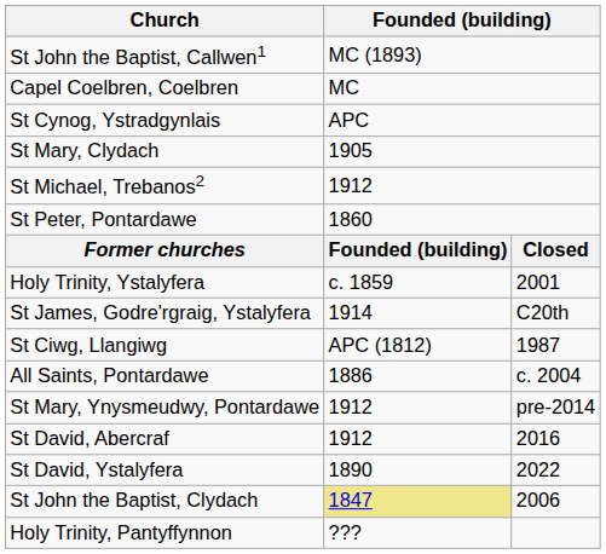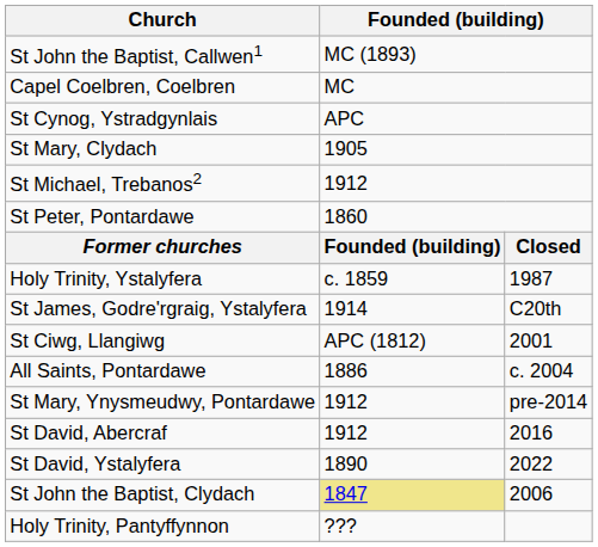 <table class="wikitable">
 <tr>
 <th>Church</th>
 <th colspan="2">Founded (building)</th>
 </tr>
 <tr>
 <td>St John the Baptist, Callwen<sup>1</sup></td>
 <td colspan="2">MC (1893)</td>
 </tr>
 <tr>
 <td>Capel Coelbren, Coelbren</td>
 <td colspan="2">MC</td>
 </tr>
 <tr>
 <td>St Cynog, Ystradgynlais</td>
 <td colspan="2">APC</td>
 </tr>
 <tr>
 <td>St Mary, Clydach</td>
 <td colspan="2">1905</td>
 </tr>
 <tr>
 <td>St Michael, Trebanos<sup>2</sup></td>
 <td colspan="2">1912</td>
 </tr>
 <tr>
 <td>St Peter, Pontardawe</td>
 <td colspan="2">1860</td>
 </tr>
 <tr>
 <th><em>Former churches</em></th>
 <th>Founded (building)</th>
 <th>Closed</th>
 </tr>
 <tr>
 <td>Holy Trinity, Ystalyfera</td>
 <td>c. 1859</td>
-<td>2001</td>
+<td>1987</td>
 </tr>
 <tr>
 <td>St James, Godre'rgraig, Ystalyfera</td>
 <td>1914</td>
 <td>C20th</td>
 </tr>
 <tr>
 <td>St Ciwg, Llangiwg</td>
 <td>APC (1812)</td>
-<td>1987</td>
+<td>2001</td>
 </tr>
 <tr>
 <td>All Saints, Pontardawe</td>
 <td>1886</td>
 <td>c. 2004</td>
 </tr>
 <tr>
 <td>St Mary, Ynysmeudwy, Pontardawe</td>
 <td>1912</td>
 <td>pre-2014</td>
 </tr>
 <tr>
 <td>St David, Abercraf</td>
 <td>1912</td>
 <td>2016</td>
 </tr>
 <tr>
 <td>St David, Ystalyfera</td>
 <td>1890</td>
 <td>2022</td>
 </tr>
 <tr>
 <td>St John the Baptist, Clydach</td>
 <td style="background: khaki;"><a href='#'>1847</a></td>
 <td>2006</td>
 </tr>
 <tr>
 <td>Holy Trinity, Pantyffynnon</td>
 <td>???</td>
 <td></td>
 </tr>
 </table>
